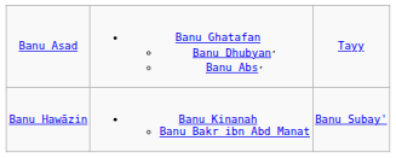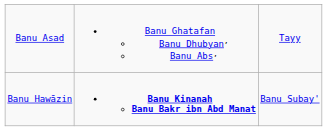 <table class="wikitable" style="margin: auto;text-align: center;">
 <tr>
 <td><a href='#'>Banu Asad</a></td>
 <td><br><ul><li><a href='#'>Banu Ghatafan</a><ul><li><a href='#'>Banu Dhubyan</a><sup>,</sup></li><li><a href='#'>Banu Abs</a><sup>,</sup></li></ul></li></ul></td>
 <td><a href='#'>Tayy</a></td>
 </tr>
 <tr>
 <td><a href='#'>Banu Hawāzin</a></td>
-<td><br><ul><li><a href='#'>Banu Kinanah</a><ul><li><a href='#'>Banu Bakr ibn Abd Manat</a></li></ul></li></ul></td>
+<td><strong><br><ul><li><a href='#'>Banu Kinanah</a><ul><li><a href='#'>Banu Bakr ibn Abd Manat</a></li></ul></li></ul></strong></td>
 <td><a href='#'>Banu Subay'</a></td>
 </tr>
 </table>
